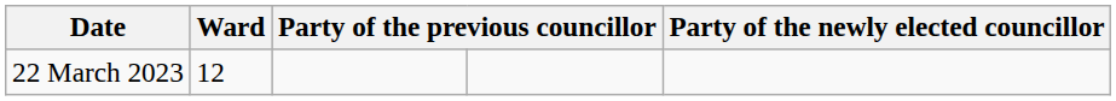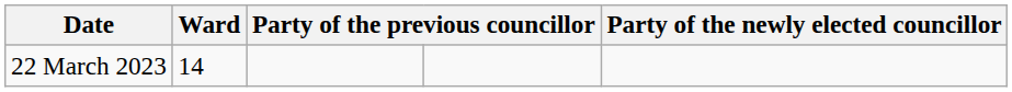 <table class="wikitable">
 <tr>
 <th>Date</th>
 <th>Ward</th>
 <th colspan=2>Party of the previous councillor</th>
 <th colspan=2>Party of the newly elected councillor</th>
 </tr>
 <tr>
 <td>22 March 2023</td>
-<td>12</td>
+<td>14</td>
 <td></td>
 <td></td>
 </tr>
 </table>
